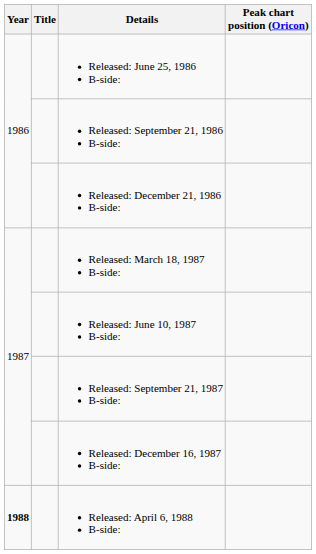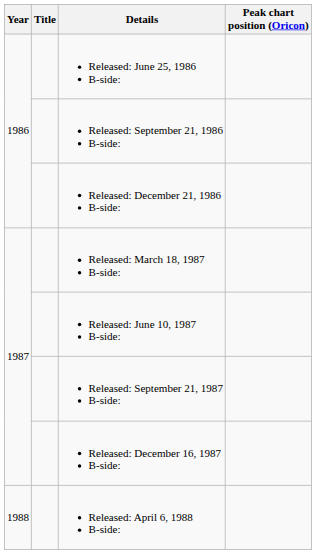 <table class="wikitable">
 <tr>
 <th>Year</th>
 <th>Title</th>
 <th>Details</th>
 <th>Peak chart<br>position (<a href='#'>Oricon</a>)</th>
 </tr>
 <tr>
 <td rowspan="3">1986</td>
 <td></td>
 <td><br><ul><li>Released: June 25, 1986</li><li>B-side: </li></ul></td>
 <td></td>
 </tr>
 <tr>
 <td></td>
 <td><br><ul><li>Released: September 21, 1986</li><li>B-side: </li></ul></td>
 <td></td>
 </tr>
 <tr>
 <td></td>
 <td><br><ul><li>Released: December 21, 1986</li><li>B-side: </li></ul></td>
 <td></td>
 </tr>
 <tr>
 <td rowspan="4">1987</td>
 <td></td>
 <td><br><ul><li>Released: March 18, 1987</li><li>B-side: </li></ul></td>
 <td></td>
 </tr>
 <tr>
 <td></td>
 <td><br><ul><li>Released: June 10, 1987</li><li>B-side: </li></ul></td>
 <td></td>
 </tr>
 <tr>
 <td></td>
 <td><br><ul><li>Released: September 21, 1987</li><li>B-side: </li></ul></td>
 <td></td>
 </tr>
 <tr>
 <td></td>
 <td><br><ul><li>Released: December 16, 1987</li><li>B-side: </li></ul></td>
 <td></td>
 </tr>
 <tr>
-<td><strong>1988</strong></td>
+<td>1988</td>
 <td></td>
 <td><br><ul><li>Released: April 6, 1988</li><li>B-side: </li></ul></td>
 <td></td>
 </tr>
 </table>
